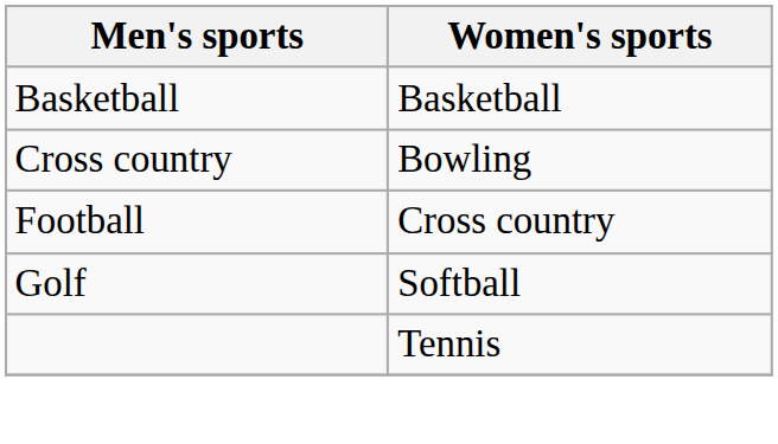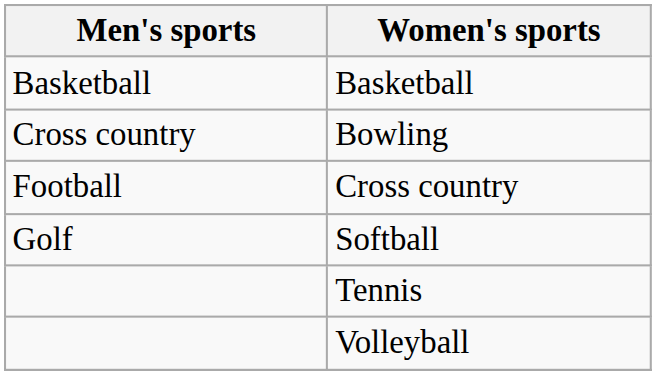 <table class="wikitable"; style= "text-align: ">
 <tr>
 <th width=150px>Men's sports</th>
 <th width=150px>Women's sports</th>
 </tr>
 <tr>
 <td>Basketball</td>
 <td>Basketball</td>
 </tr>
 <tr>
 <td>Cross country</td>
 <td>Bowling</td>
 </tr>
 <tr>
 <td>Football</td>
 <td>Cross country</td>
 </tr>
 <tr>
 <td>Golf</td>
 <td>Softball</td>
 </tr>
 <tr>
 <td></td>
 <td>Tennis</td>
 </tr>
 <tr>
+<td></td>
+<td>Volleyball</td>
+</tr>
+<tr>
 </tr>
 </table>
